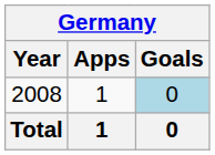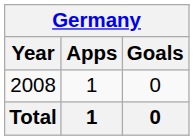 <table class="wikitable" style="text-align:center">
 <tr>
 <th colspan="3"><a href='#'>Germany</a></th>
 </tr>
 <tr>
 <th>Year</th>
 <th>Apps</th>
 <th>Goals</th>
 </tr>
 <tr>
 <td>2008</td>
 <td>1</td>
-<td style="background: lightblue;">0</td>
+<td>0</td>
 </tr>
 <tr>
 <th>Total</th>
 <th>1</th>
 <th>0</th>
 </tr>
 </table>
